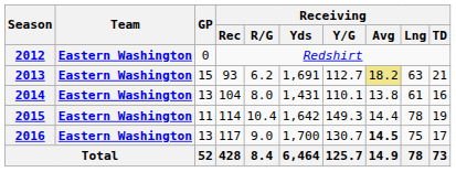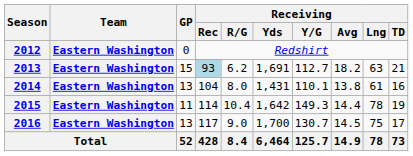 <table class="wikitable" style="text-align:center;">
 <tr>
 <th rowspan="2">Season</th>
 <th rowspan="2">Team</th>
 <th rowspan="2">GP</th>
 <th colspan="7">Receiving</th>
 </tr>
 <tr>
 <th>Rec</th>
 <th>R/G</th>
 <th>Yds</th>
 <th>Y/G</th>
 <th>Avg</th>
 <th>Lng</th>
 <th>TD</th>
 </tr>
 <tr>
 <th><a href='#'>2012</a></th>
 <th><a href='#'>Eastern Washington</a></th>
 <td>0</td>
 <td colspan="7"> <em><a href='#'>Redshirt</a></em></td>
 </tr>
 <tr>
 <th><a href='#'>2013</a></th>
 <th><a href='#'>Eastern Washington</a></th>
 <td>15</td>
-<td>93</td>
+<td style="background: lightblue;">93</td>
 <td>6.2</td>
 <td>1,691</td>
 <td>112.7</td>
-<td style="background: khaki;">18.2</td>
+<td>18.2</td>
 <td>63</td>
 <td>21</td>
 </tr>
 <tr>
 <th><a href='#'>2014</a></th>
 <th><a href='#'>Eastern Washington</a></th>
 <td>13</td>
 <td>104</td>
 <td>8.0</td>
 <td>1,431</td>
 <td>110.1</td>
 <td>13.8</td>
 <td>61</td>
 <td>16</td>
 </tr>
 <tr>
 <th><a href='#'>2015</a></th>
 <th><a href='#'>Eastern Washington</a></th>
 <td>11</td>
 <td>114</td>
 <td>10.4</td>
 <td>1,642</td>
 <td>149.3</td>
 <td>14.4</td>
 <td>78</td>
 <td>19</td>
 </tr>
 <tr>
 <th><a href='#'>2016</a></th>
 <th><a href='#'>Eastern Washington</a></th>
 <td>13</td>
 <td>117</td>
 <td>9.0</td>
 <td>1,700</td>
 <td>130.7</td>
-<td><strong>14.5</strong></td>
+<td>14.5</td>
 <td>75</td>
 <td>17</td>
 </tr>
 <tr>
 <th colspan="2">Total</th>
 <th>52</th>
 <th>428</th>
 <th>8.4</th>
 <th>6,464</th>
 <th>125.7</th>
 <th>14.9</th>
 <th>78</th>
 <th>73</th>
 </tr>
 </table>
